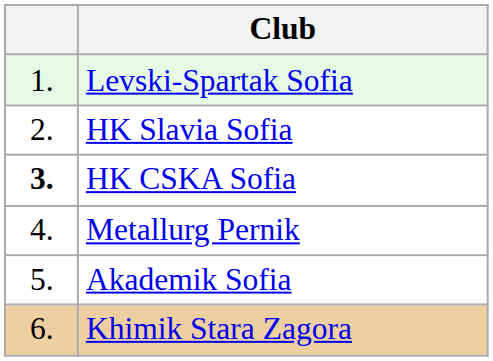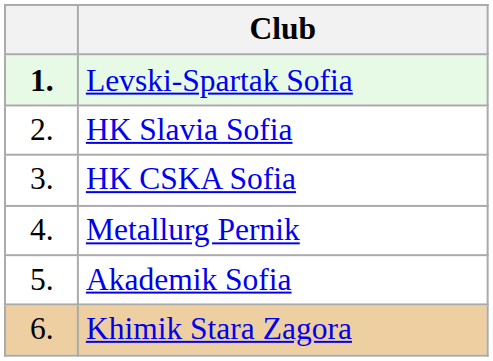 <table class="wikitable">
 <tr>
 <th width="30"></th>
 <th width="200">Club</th>
 </tr>
 <tr bgcolor="#e6fae6" align="center">
-<td>1.</td>
+<td><strong>1.</strong></td>
 <td align="left"><a href='#'>Levski-Spartak Sofia</a></td>
 </tr>
 <tr bgcolor="#FFFFFF" align="center">
 <td>2.</td>
 <td align="left"><a href='#'>HK Slavia Sofia</a></td>
 </tr>
 <tr bgcolor="#FFFFFF" align="center">
-<td><strong>3.</strong></td>
+<td>3.</td>
 <td align="left"><a href='#'>HK CSKA Sofia</a></td>
 </tr>
 <tr bgcolor="#FFFFFF" align="center">
 <td>4.</td>
 <td align="left"><a href='#'>Metallurg Pernik</a></td>
 </tr>
 <tr bgcolor="#FFFFFF" align="center">
 <td>5.</td>
 <td align="left"><a href='#'>Akademik Sofia</a></td>
 </tr>
 <tr bgcolor="#EECFA1" align="center">
 <td>6.</td>
 <td align="left"><a href='#'>Khimik Stara Zagora</a></td>
 </tr>
 </table>
